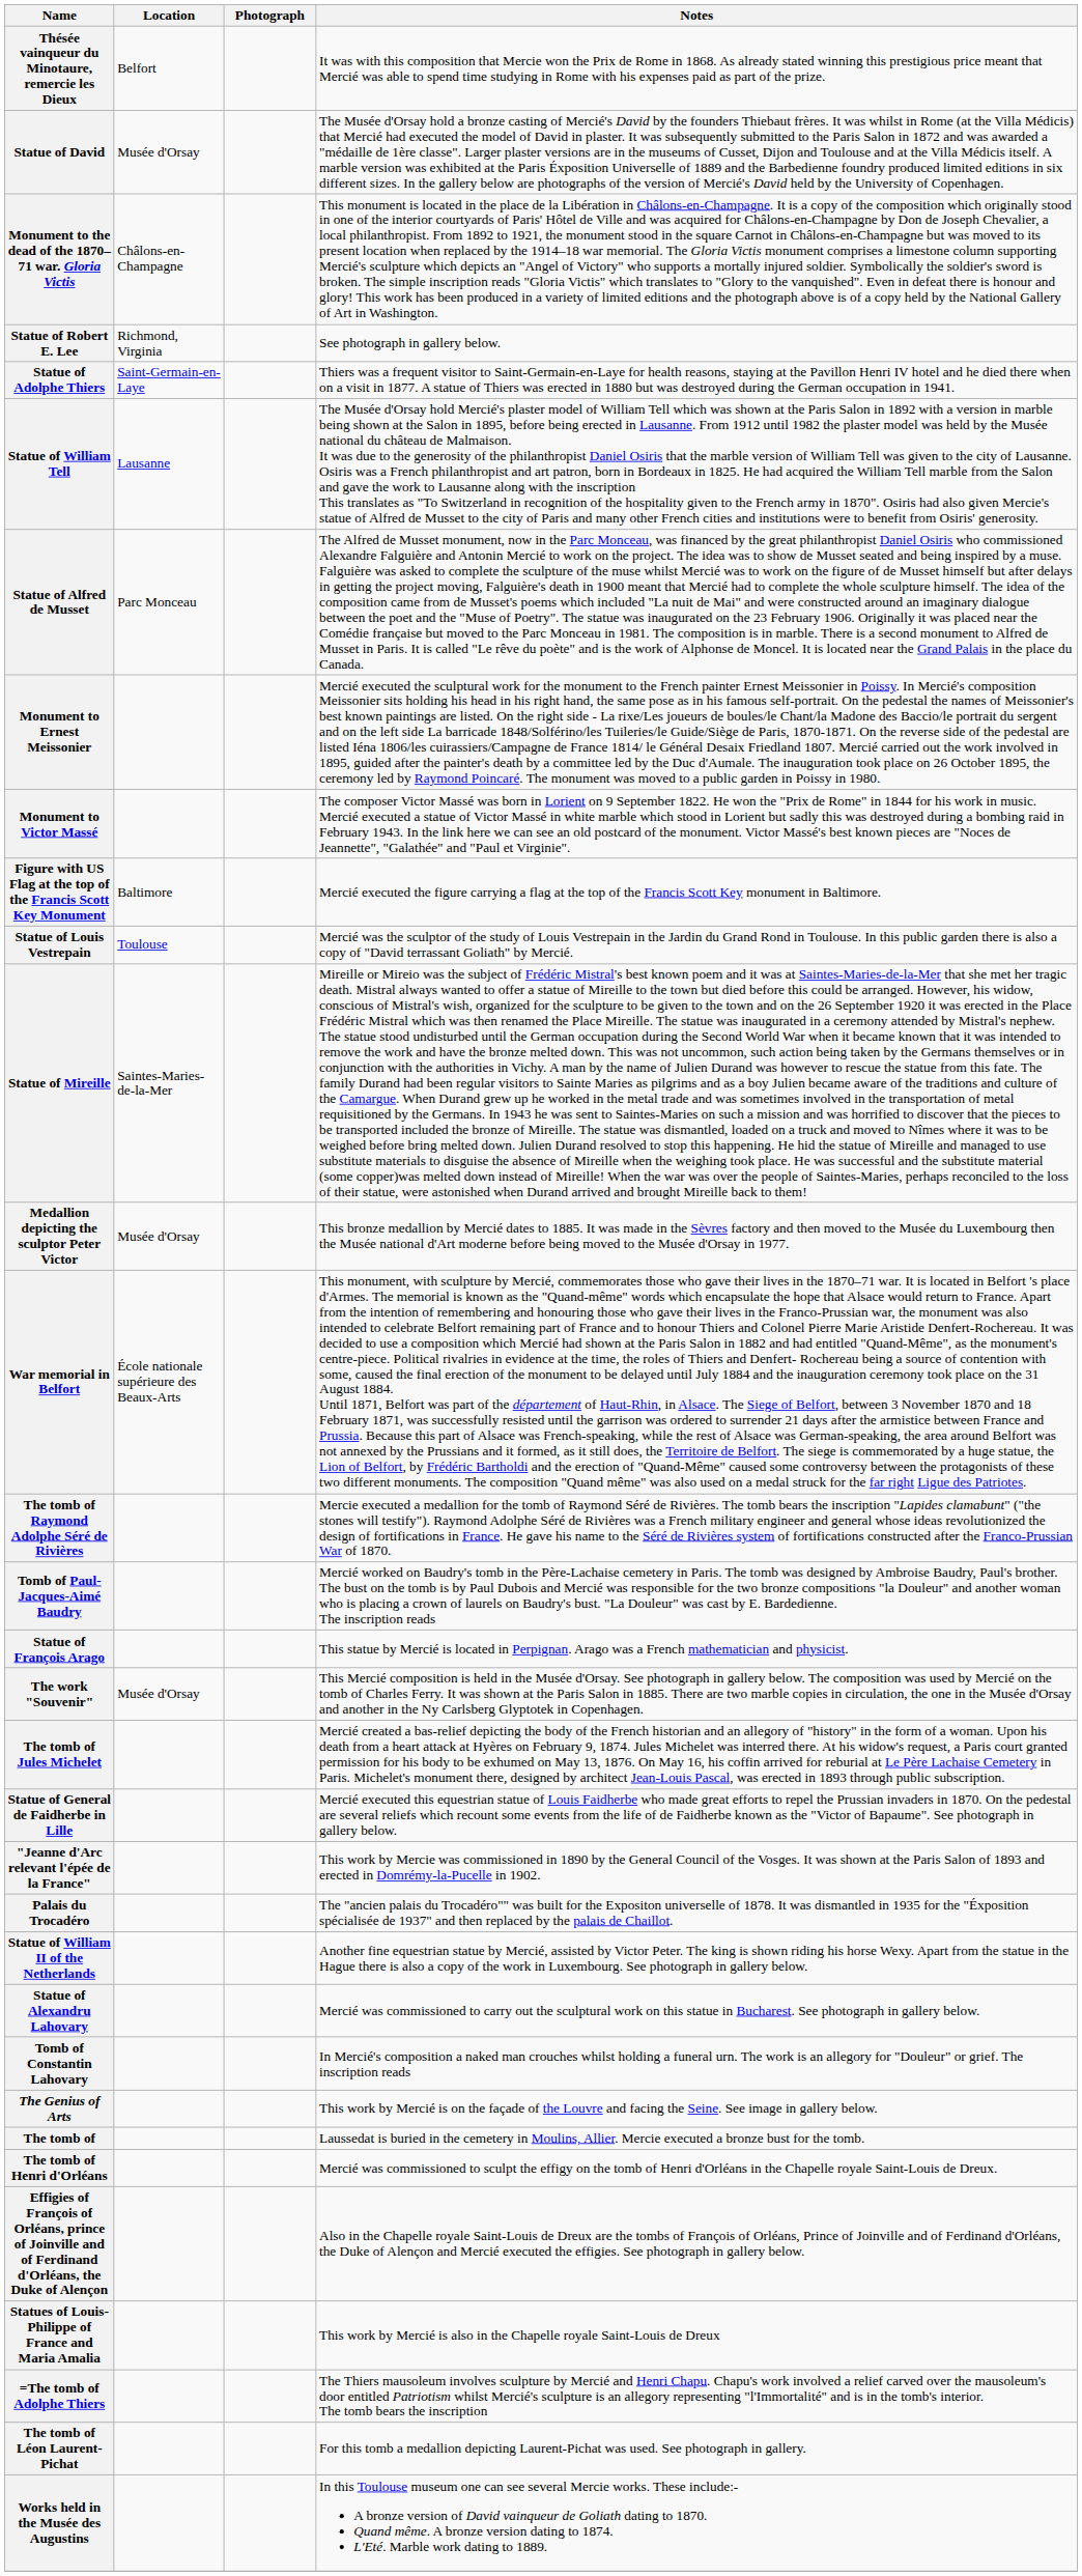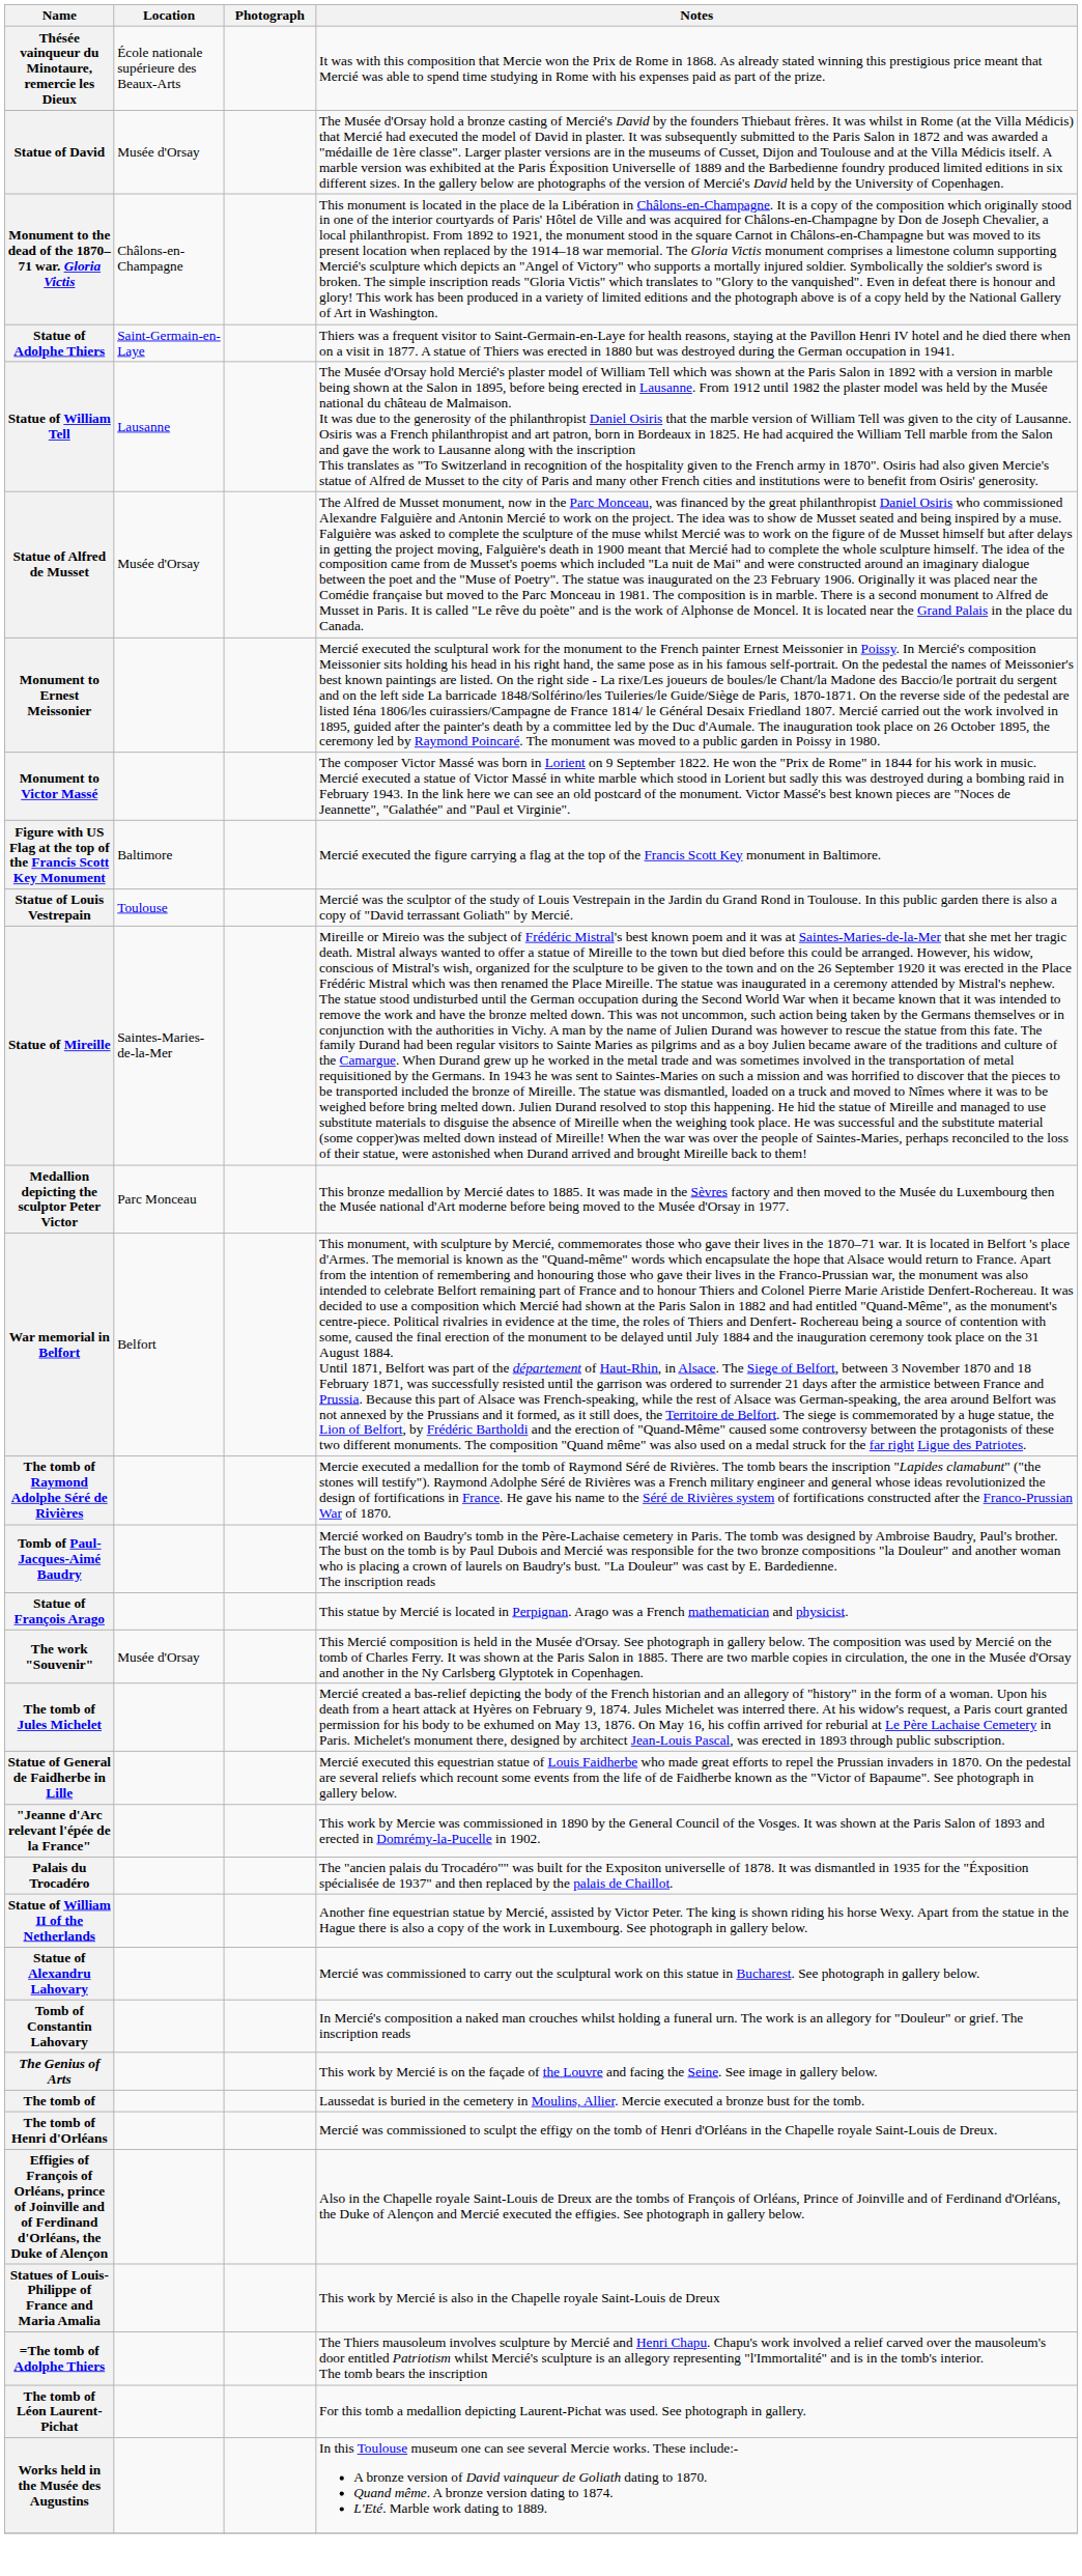 <table class="wikitable sortable plainrowheaders">
 <tr>
 <th scope="col" style="width:120px">Name</th>
 <th scope="col" style="width:120px">Location</th>
 <th scope="col" style="width:100px" class="unsortable">Photograph</th>
 <th scope="col" class="unsortable">Notes</th>
 </tr>
 <tr>
 <th scope="row">Thésée vainqueur du Minotaure, remercie les Dieux</th>
-<td>Belfort<br></td>
+<td>École nationale supérieure des Beaux-Arts<br></td>
 <td></td>
 <td>It was with this composition that Mercie won the Prix de Rome in 1868. As already stated winning this prestigious price meant that Mercié was able to spend time studying in Rome with his expenses paid as part of the prize.<br></td>
 </tr>
 <tr>
 <th scope="row">Statue of David</th>
 <td>Musée d'Orsay<br></td>
 <td></td>
 <td>The Musée d'Orsay hold a bronze casting of Mercié's <em>David</em> by the founders Thiebaut frères. It was whilst in Rome (at the Villa Médicis) that Mercié had executed the model of David in plaster.  It was subsequently submitted to the Paris Salon in 1872 and was awarded a "médaille de 1ère classe".  Larger plaster versions are in the museums of Cusset, Dijon and Toulouse and at the Villa Médicis itself.   A marble version was exhibited at the Paris Éxposition Universelle of 1889 and the Barbedienne foundry produced limited editions in six different sizes.  In the gallery below are photographs of the version of Mercié's <em>David</em> held by the University of Copenhagen.<br></td>
 </tr>
 <tr>
 <th scope="row">Monument to the dead of the 1870–71 war. <em><a href='#'>Gloria Victis</a></em></th>
 <td>Châlons-en-Champagne<br></td>
 <td></td>
 <td>This monument is located in the place de la Libération in <a href='#'>Châlons-en-Champagne</a>.  It is a copy of the composition which originally stood in one of the interior courtyards of Paris' Hôtel de Ville and was acquired for Châlons-en-Champagne by Don de Joseph Chevalier, a local philanthropist. From 1892 to 1921, the monument stood in the square Carnot in Châlons-en-Champagne but was moved to its present location when replaced by the 1914–18 war memorial. The <em>Gloria Victis</em> monument comprises a limestone column supporting Mercié's sculpture which depicts an "Angel of Victory" who supports a mortally injured soldier. Symbolically the soldier's sword is broken. The simple inscription reads "Gloria Victis" which translates to "Glory to the vanquished".  Even in defeat there is honour and glory!  This work has been produced in a variety of limited editions and the photograph above is of a copy held by the National Gallery of Art in Washington.<br></td>
 </tr>
 <tr>
-<th scope="row">Statue of Robert E. Lee</th>
-<td>Richmond, Virginia<br></td>
-<td></td>
-<td>See photograph in gallery below.<br></td>
-</tr>
-<tr>
 <th scope="row">Statue of <a href='#'>Adolphe Thiers</a></th>
 <td><a href='#'>Saint-Germain-en-Laye</a></td>
 <td></td>
 <td>Thiers was a frequent visitor to Saint-Germain-en-Laye for health reasons, staying at the Pavillon Henri IV hotel and he died there when on a visit in 1877. A statue of Thiers was erected in 1880 but was destroyed during the German occupation in 1941.</td>
 </tr>
 <tr>
 <th scope="row">Statue of <a href='#'>William Tell</a></th>
 <td><a href='#'>Lausanne</a></td>
 <td></td>
 <td>The Musée d'Orsay hold Mercié's plaster model of William Tell which was shown at the Paris Salon in 1892 with a version in marble being shown at the Salon in 1895, before being erected in <a href='#'>Lausanne</a>.  From 1912 until 1982 the plaster model was held by the Musée national du château de Malmaison.<br>  It was due to the generosity of the philanthropist <a href='#'>Daniel Osiris</a> that the marble version of William Tell was given to the city of Lausanne.   Osiris was a French philanthropist and art patron, born in Bordeaux in 1825.  He had acquired the William Tell marble from the Salon and gave the work to Lausanne along with the inscription <br>This translates as "To Switzerland in recognition of the hospitality given to the French army in 1870". Osiris had also given Mercie's statue of Alfred de Musset to the city of Paris and many other French cities and institutions were to benefit from Osiris' generosity. </td>
 </tr>
 <tr>
 <th scope="row">Statue of Alfred de Musset</th>
-<td>Parc Monceau<br></td>
+<td>Musée d'Orsay<br></td>
 <td></td>
 <td>The Alfred de Musset monument, now in the <a href='#'>Parc Monceau</a>, was financed by the great philanthropist <a href='#'>Daniel Osiris</a> who commissioned Alexandre Falguière and Antonin Mercié to work on the project.   The idea was to show de Musset seated and being inspired by a muse. Falguière was asked to complete the sculpture of the muse whilst Mercié was to work on the figure of de Musset himself but after delays in getting the project moving, Falguière's death in 1900 meant that Mercié had to complete the whole sculpture himself. The idea of the composition came from de Musset's poems which included "La nuit de Mai" and were constructed around an imaginary dialogue between the poet and the "Muse of Poetry".   The statue was inaugurated on the 23 February 1906. Originally it was placed near the Comédie française but moved to the Parc Monceau in 1981. The composition is in marble.  There is a second monument to Alfred de Musset in Paris.  It is called "Le rêve du poète" and is the work of Alphonse de Moncel. It is located near the <a href='#'>Grand Palais</a> in the place du Canada.<br> </td>
 </tr>
 <tr>
 <th scope="row">Monument to Ernest Meissonier</th>
 <td><br></td>
 <td></td>
 <td>Mercié executed the sculptural work for the monument to the French painter Ernest Meissonier in <a href='#'>Poissy</a>. In Mercié's composition Meissonier sits holding his head in his right hand, the same pose as in his famous self-portrait. On the pedestal the names of Meissonier's best known paintings are listed.   On the right side - La rixe/Les joueurs de boules/le Chant/la Madone des Baccio/le portrait du sergent and on the left side La barricade 1848/Solférino/les Tuileries/le Guide/Siège de Paris, 1870-1871. On the reverse side of the pedestal are listed Iéna 1806/les cuirassiers/Campagne de France 1814/ le Général Desaix Friedland 1807.  Mercié carried out the work involved in 1895, guided after the painter's death by a committee led by the Duc d'Aumale.  The inauguration took place on 26 October 1895, the ceremony led by <a href='#'>Raymond Poincaré</a>.  The monument was moved to a public garden in Poissy in 1980.</td>
 </tr>
 <tr>
 <th scope="row">Monument to <a href='#'>Victor Massé</a></th>
 <td><br></td>
 <td></td>
 <td>The composer Victor Massé was born in <a href='#'>Lorient</a> on 9 September 1822. He won the "Prix de Rome" in 1844 for his work in music.  Mercié executed a statue of Victor Massé in white marble which stood in Lorient but sadly this was destroyed during a bombing raid in February 1943.  In the link here we can see an old postcard of the monument.  Victor Massé's best known pieces are  "Noces de Jeannette",  "Galathée" and "Paul et Virginie".<br></td>
 </tr>
 <tr>
 <th scope="row">Figure with US Flag at the top of the <a href='#'>Francis Scott Key Monument</a></th>
 <td>Baltimore<br></td>
 <td></td>
 <td>Mercié executed the figure carrying a flag at the top of the <a href='#'>Francis Scott Key</a> monument in Baltimore.</td>
 </tr>
 <tr>
 <th scope="row">Statue of Louis Vestrepain</th>
 <td><a href='#'>Toulouse</a></td>
 <td></td>
 <td>Mercié was the sculptor of the study of Louis Vestrepain in the Jardin du Grand Rond in Toulouse. In this public garden there is also a copy of "David terrassant Goliath" by Mercié.<br></td>
 </tr>
 <tr>
 <th scope="row">Statue of <a href='#'>Mireille</a></th>
 <td>Saintes-Maries-de-la-Mer<br></td>
 <td></td>
 <td>Mireille or Mireio was the subject of <a href='#'>Frédéric Mistral</a>'s best known poem and it was at <a href='#'>Saintes-Maries-de-la-Mer</a> that she met her tragic death. Mistral always wanted to offer a statue of Mireille to the town but died before this could be arranged.   However, his widow, conscious of Mistral's wish, organized for the sculpture to be given to the town and on the 26 September 1920 it was erected in the Place Frédéric Mistral which was then renamed the Place Mireille.   The statue was inaugurated in a ceremony attended by Mistral's nephew.  The statue stood undisturbed until the German occupation during the Second World War when it became known that it was intended to remove the work and have the bronze melted down. This was not uncommon, such action being taken by the Germans themselves or in conjunction with the authorities in Vichy. A man by the name of Julien Durand was however to rescue the statue from this fate.  The family Durand had been regular visitors to Sainte Maries as pilgrims and as a boy Julien became aware of the traditions and culture of the <a href='#'>Camargue</a>. When Durand grew up he worked in the metal trade and was sometimes involved in the transportation of metal requisitioned by the Germans. In 1943 he was sent to Saintes-Maries on such a mission and was horrified to discover that the pieces to be transported included the bronze of Mireille.  The statue was dismantled, loaded on a truck and moved to Nîmes where it was to be weighed before bring melted down. Julien Durand resolved to stop this happening.  He hid the statue of Mireille and managed to use substitute materials to disguise the absence of Mireille when the weighing took place. He was successful and the substitute material (some copper)was melted down instead of Mireille!  When the war was over the people of Saintes-Maries, perhaps reconciled to the loss of their statue, were astonished when Durand arrived and brought Mireille back to them! </td>
 </tr>
 <tr>
 <th scope="row">Medallion depicting the sculptor Peter Victor</th>
-<td>Musée d'Orsay<br></td>
+<td>Parc Monceau<br></td>
 <td></td>
 <td>This bronze medallion by Mercié dates to 1885.  It was made in the <a href='#'>Sèvres</a> factory and then moved to the Musée du Luxembourg then the Musée national d'Art moderne before being moved to the Musée d'Orsay in 1977.<br></td>
 </tr>
 <tr>
 <th scope="row">War memorial in <a href='#'>Belfort</a></th>
-<td>École nationale supérieure des Beaux-Arts<br></td>
+<td>Belfort<br></td>
 <td></td>
 <td>This monument, with sculpture by Mercié, commemorates those who gave their lives in the 1870–71 war.  It is located in Belfort 's place d'Armes. The memorial is known as the "Quand-même" words which encapsulate the hope that Alsace would return to France.  Apart from the intention of remembering and honouring those who gave their lives in the Franco-Prussian war, the monument was also intended to celebrate Belfort remaining part of France and to honour Thiers and Colonel Pierre Marie Aristide Denfert-Rochereau.  It was decided to use a composition which Mercié had shown at the Paris Salon in 1882 and had entitled "Quand-Même",  as the monument's centre-piece. Political rivalries in evidence at the time, the roles of Thiers and Denfert- Rochereau being a source of contention with some, caused the final erection of the monument to be delayed until July 1884 and the inauguration ceremony took place on the 31 August 1884.<br> Until 1871, Belfort was part of the <em><a href='#'>département</a></em> of <a href='#'>Haut-Rhin</a>, in <a href='#'>Alsace</a>. The <a href='#'>Siege of Belfort</a>, between 3 November 1870 and 18 February 1871, was successfully resisted until the garrison was ordered to surrender 21 days after the armistice between France and <a href='#'>Prussia</a>. Because this part of Alsace was French-speaking, while the rest of Alsace was German-speaking, the area around Belfort was not annexed by the Prussians and it formed, as it still does, the <a href='#'>Territoire de Belfort</a>. The siege is commemorated by a huge statue, the <a href='#'>Lion of Belfort</a>, by <a href='#'>Frédéric Bartholdi</a> and the erection of  "Quand-Même" caused some controversy between the protagonists of these two different monuments. The composition "Quand même" was also used on a medal struck for the <a href='#'>far right</a> <a href='#'>Ligue des Patriotes</a>.</td>
 </tr>
 <tr>
 <th scope="row">The tomb of <a href='#'>Raymond Adolphe Séré de Rivières</a></th>
 <td><br></td>
 <td></td>
 <td>Mercie executed a medallion for the tomb of Raymond Séré de Rivières.  The tomb bears the inscription "<em>Lapides clamabunt</em>" ("the stones will testify"). Raymond Adolphe Séré de Rivières was a French military engineer and general whose ideas revolutionized the design of fortifications in <a href='#'>France</a>. He gave his name to the <a href='#'>Séré de Rivières system</a> of fortifications constructed after the <a href='#'>Franco-Prussian War</a> of 1870.<br> </td>
 </tr>
 <tr>
 <th scope="row">Tomb of <a href='#'>Paul-Jacques-Aimé Baudry</a></th>
 <td><br></td>
 <td></td>
 <td>Mercié worked on Baudry's tomb in the Père-Lachaise cemetery in Paris. The tomb was designed by Ambroise Baudry, Paul's brother.  The bust on the tomb is by Paul Dubois and Mercié was responsible for the two bronze compositions "la  Douleur" and another woman who is placing a crown of laurels on Baudry's bust.  "La Douleur" was cast by  E. Bardedienne.<br>The inscription reads </td>
 </tr>
 <tr>
 <th scope="row">Statue of <a href='#'>François Arago</a></th>
 <td><br></td>
 <td></td>
 <td>This statue by Mercié is located in <a href='#'>Perpignan</a>. Arago was a French <a href='#'>mathematician</a> and <a href='#'>physicist</a>.</td>
 </tr>
 <tr>
 <th scope="row">The work "Souvenir"</th>
 <td>Musée d'Orsay<br></td>
 <td></td>
 <td>This Mercié composition is held in the Musée d'Orsay. See photograph in gallery below. The composition was used by Mercié on the tomb of Charles Ferry. It was shown at the Paris Salon in 1885. There are two marble copies in circulation, the one in the Musée d'Orsay and another in the Ny Carlsberg Glyptotek in Copenhagen.<br> </td>
 </tr>
 <tr>
 <th scope="row">The tomb of <a href='#'>Jules Michelet</a></th>
 <td><br></td>
 <td></td>
 <td>Mercié created a bas-relief depicting the body of the French historian and an allegory of "history" in the form of a woman.  Upon his death from a heart attack at Hyères on February 9, 1874. Jules Michelet was interred there. At his widow's request, a Paris court granted permission for his body to be exhumed on May 13, 1876. On May 16, his coffin arrived for reburial at <a href='#'>Le Père Lachaise Cemetery</a> in Paris. Michelet's monument there, designed by architect <a href='#'>Jean-Louis Pascal</a>, was erected in 1893 through public subscription.</td>
 </tr>
 <tr>
 <th scope="row">Statue of General de Faidherbe in <a href='#'>Lille</a></th>
 <td><br></td>
 <td></td>
 <td>Mercié executed this equestrian statue of <a href='#'>Louis Faidherbe</a> who made great efforts to repel the Prussian invaders in 1870.  On the pedestal are several reliefs which recount some events from the life of de Faidherbe known as the "Victor of Bapaume".  See photograph in gallery below.<br></td>
 </tr>
 <tr>
 <th scope="row">"Jeanne d'Arc relevant l'épée de la France"</th>
 <td><br></td>
 <td></td>
 <td>This work by Mercie was commissioned  in 1890 by the General Council of the Vosges.  It was shown at the Paris Salon of 1893 and erected in <a href='#'>Domrémy-la-Pucelle</a> in 1902.<br></td>
 </tr>
 <tr>
 <th scope="row">Palais du Trocadéro</th>
 <td><br></td>
 <td></td>
 <td>The "ancien palais du Trocadéro"" was built for the Expositon universelle of 1878. It was dismantled in 1935 for the "Éxposition spécialisée de 1937" and then replaced by the <a href='#'>palais de Chaillot</a>.<br></td>
 </tr>
 <tr>
 <th scope="row">Statue of <a href='#'>William II of the Netherlands</a></th>
 <td><br></td>
 <td></td>
 <td>Another fine equestrian statue by Mercié, assisted by Victor Peter. The king is shown riding his horse Wexy.  Apart from the statue in the Hague there is also a copy of the work in Luxembourg. See photograph in gallery below.<br></td>
 </tr>
 <tr>
 <th scope="row">Statue of <a href='#'>Alexandru Lahovary</a></th>
 <td><br></td>
 <td></td>
 <td>Mercié was commissioned to carry out the sculptural work on this statue in <a href='#'>Bucharest</a>. See photograph in gallery below.<br></td>
 </tr>
 <tr>
 <th scope="row">Tomb of Constantin Lahovary</th>
 <td><br></td>
 <td></td>
 <td>In Mercié's composition a naked man crouches whilst holding a funeral urn. The  work is an allegory for "Douleur" or grief. The inscription reads </td>
 </tr>
 <tr>
 <th scope="row"><em>The Genius of Arts</em></th>
 <td><br></td>
 <td></td>
 <td>This work by Mercié is on the façade of <a href='#'>the Louvre</a> and facing the <a href='#'>Seine</a>.  See image in gallery below.<br></td>
 </tr>
 <tr>
 <th scope="row">The tomb of </th>
 <td><br></td>
 <td></td>
 <td>Laussedat is buried in the cemetery in <a href='#'>Moulins, Allier</a>. Mercie executed a bronze bust for the tomb.<br></td>
 </tr>
 <tr>
 <th scope="row">The tomb of Henri d'Orléans</th>
 <td><br></td>
 <td></td>
 <td>Mercié was commissioned to sculpt the effigy on the tomb of Henri d'Orléans in the Chapelle royale Saint-Louis de Dreux.<br></td>
 </tr>
 <tr>
 <th scope="row">Effigies of François of Orléans, prince of Joinville and of Ferdinand d'Orléans, the Duke of Alençon</th>
 <td><br></td>
 <td></td>
 <td>Also in the Chapelle royale Saint-Louis de Dreux are the tombs of François of Orléans, Prince of Joinville and of Ferdinand d'Orléans, the Duke of Alençon and Mercié executed the effigies. See photograph in gallery below.<br></td>
 </tr>
 <tr>
 <th scope="row">Statues of Louis-Philippe of France and Maria Amalia</th>
 <td><br></td>
 <td></td>
 <td>This work by Mercié is also in the Chapelle royale Saint-Louis de Dreux<br></td>
 </tr>
 <tr>
 <th scope="row">=The tomb of <a href='#'>Adolphe Thiers</a></th>
 <td><br></td>
 <td></td>
 <td>The Thiers mausoleum involves sculpture by Mercié and <a href='#'>Henri Chapu</a>. Chapu's work involved a relief carved over the mausoleum's door entitled <em>Patriotism</em> whilst Mercié's sculpture is an allegory representing "l'Immortalité" and is in the tomb's interior.<br>The tomb bears the inscription  </td>
 </tr>
 <tr>
 <th scope="row">The tomb of Léon Laurent-Pichat</th>
 <td><br></td>
 <td></td>
 <td>For this tomb a medallion depicting Laurent-Pichat was used. See photograph in gallery.<br></td>
 </tr>
 <tr>
 <th scope="row">Works held in the Musée des Augustins</th>
 <td><br></td>
 <td></td>
 <td>In this <a href='#'>Toulouse</a> museum one can see several Mercie works. These include:-<br><ul><li>A bronze version of <em>David vainqueur de Goliath</em> dating to 1870.</li><li><em>Quand  même</em>.  A bronze version dating to 1874.</li><li><em>L'Eté</em>. Marble work dating to 1889.</li></ul></td>
 </tr>
 <tr>
 </tr>
 </table>
